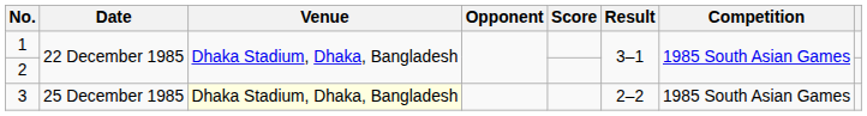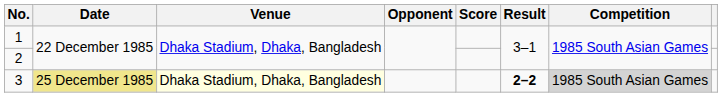 <table class="wikitable plainrowheaders sortable">
 <tr>
 <th scope="col">No.</th>
 <th scope="col">Date</th>
 <th scope="col">Venue</th>
 <th scope="col">Opponent</th>
 <th scope="col">Score</th>
 <th scope="col">Result</th>
 <th scope="col">Competition</th>
 <th scope="col" class="unsortable"></th>
 </tr>
 <tr>
 <td align="center">1</td>
 <td rowspan="2">22 December 1985</td>
 <td rowspan="2"><a href='#'>Dhaka Stadium</a>, <a href='#'>Dhaka</a>, Bangladesh</td>
 <td rowspan="2"></td>
 <td align="center"></td>
 <td rowspan="2" align="center">3–1</td>
 <td rowspan="2"><a href='#'>1985 South Asian Games</a></td>
 <td></td>
 </tr>
 <tr>
 <td align="center">2</td>
 <td align="center"></td>
 <td></td>
 </tr>
 <tr>
 <td align="center">3</td>
-<td>25 December 1985</td>
+<td style="background: khaki;">25 December 1985</td>
 <td style="background: lightyellow;">Dhaka Stadium, Dhaka, Bangladesh</td>
 <td></td>
 <td align="center"></td>
-<td align="center">2–2</td>
-<td>1985 South Asian Games</td>
+<td align="center"><strong>2–2</strong></td>
+<td style="background: lightgrey;">1985 South Asian Games</td>
 <td></td>
 </tr>
 </table>
